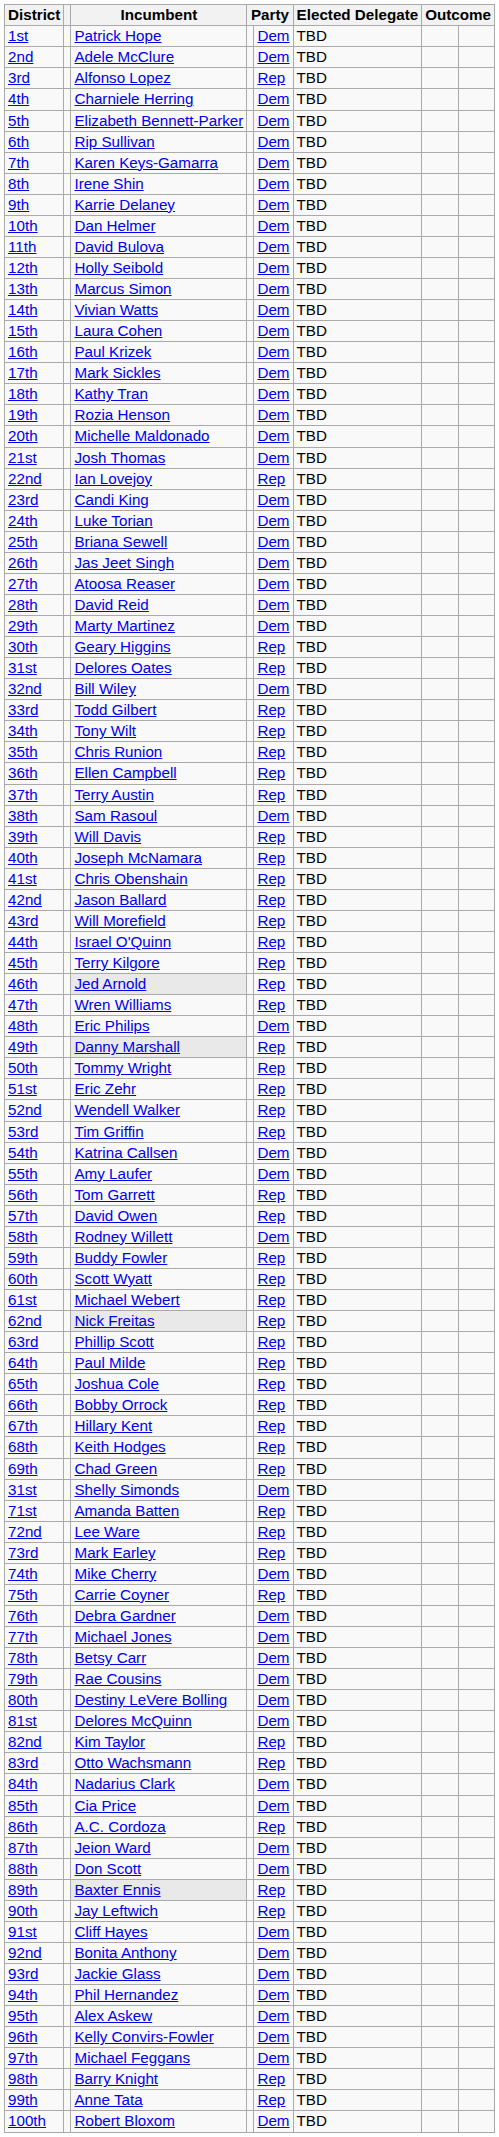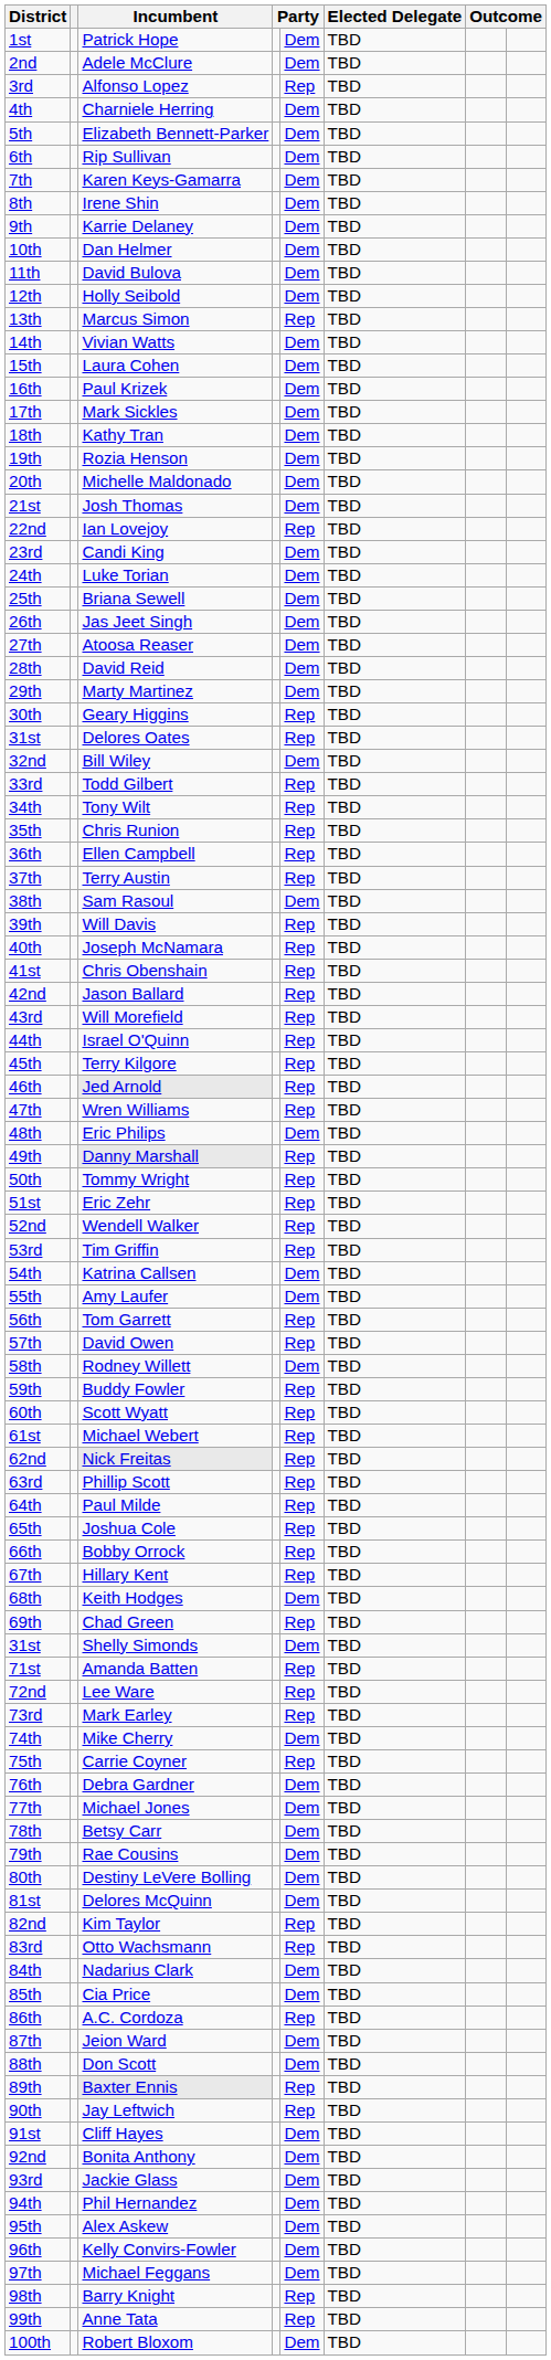 <table class="sortable wikitable" style="font-size:95%;line-height:14px;">
 <tr>
 <th>District</th>
 <th></th>
 <th>Incumbent</th>
 <th colspan="2">Party</th>
 <th>Elected Delegate</th>
 <th colspan="2">Outcome</th>
 </tr>
 <tr>
 <td><a href='#'>1st</a></td>
 <td></td>
 <td><a href='#'>Patrick Hope</a></td>
 <td style="background:"></td>
 <td><a href='#'>Dem</a></td>
 <td>TBD</td>
 <td></td>
 <td></td>
 </tr>
 <tr>
 <td><a href='#'>2nd</a></td>
 <td></td>
 <td><a href='#'>Adele McClure</a></td>
 <td style="background:"></td>
 <td><a href='#'>Dem</a></td>
 <td>TBD</td>
 <td></td>
 <td></td>
 </tr>
 <tr>
 <td><a href='#'>3rd</a></td>
 <td></td>
 <td><a href='#'>Alfonso Lopez</a></td>
 <td style="background:"></td>
 <td><a href='#'>Rep</a></td>
 <td>TBD</td>
 <td></td>
 <td></td>
 </tr>
 <tr>
 <td><a href='#'>4th</a></td>
 <td></td>
 <td><a href='#'>Charniele Herring</a></td>
 <td style="background:"></td>
 <td><a href='#'>Dem</a></td>
 <td>TBD</td>
 <td></td>
 <td></td>
 </tr>
 <tr>
 <td><a href='#'>5th</a></td>
 <td></td>
 <td><a href='#'>Elizabeth Bennett-Parker</a></td>
 <td style="background:"></td>
 <td><a href='#'>Dem</a></td>
 <td>TBD</td>
 <td></td>
 <td></td>
 </tr>
 <tr>
 <td><a href='#'>6th</a></td>
 <td></td>
 <td><a href='#'>Rip Sullivan</a></td>
 <td style="background:"></td>
 <td><a href='#'>Dem</a></td>
 <td>TBD</td>
 <td></td>
 <td></td>
 </tr>
 <tr>
 <td><a href='#'>7th</a></td>
 <td></td>
 <td><a href='#'>Karen Keys-Gamarra</a></td>
 <td style="background:"></td>
 <td><a href='#'>Dem</a></td>
 <td>TBD</td>
 <td></td>
 <td></td>
 </tr>
 <tr>
 <td><a href='#'>8th</a></td>
 <td></td>
 <td><a href='#'>Irene Shin</a></td>
 <td style="background:"></td>
 <td><a href='#'>Dem</a></td>
 <td>TBD</td>
 <td></td>
 <td></td>
 </tr>
 <tr>
 <td><a href='#'>9th</a></td>
 <td></td>
 <td><a href='#'>Karrie Delaney</a></td>
 <td style="background:"></td>
 <td><a href='#'>Dem</a></td>
 <td>TBD</td>
 <td></td>
 <td></td>
 </tr>
 <tr>
 <td><a href='#'>10th</a></td>
 <td></td>
 <td><a href='#'>Dan Helmer</a></td>
 <td style="background:"></td>
 <td><a href='#'>Dem</a></td>
 <td>TBD</td>
 <td></td>
 <td></td>
 </tr>
 <tr>
 <td><a href='#'>11th</a></td>
 <td></td>
 <td><a href='#'>David Bulova</a></td>
 <td style="background:"></td>
 <td><a href='#'>Dem</a></td>
 <td>TBD</td>
 <td></td>
 <td></td>
 </tr>
 <tr>
 <td><a href='#'>12th</a></td>
 <td></td>
 <td><a href='#'>Holly Seibold</a></td>
 <td style="background:"></td>
 <td><a href='#'>Dem</a></td>
 <td>TBD</td>
 <td></td>
 <td></td>
 </tr>
 <tr>
 <td><a href='#'>13th</a></td>
 <td></td>
 <td><a href='#'>Marcus Simon</a></td>
 <td style="background:"></td>
-<td><a href='#'>Dem</a></td>
+<td><a href='#'>Rep</a></td>
 <td>TBD</td>
 <td></td>
 <td></td>
 </tr>
 <tr>
 <td><a href='#'>14th</a></td>
 <td></td>
 <td><a href='#'>Vivian Watts</a></td>
 <td style="background:"></td>
 <td><a href='#'>Dem</a></td>
 <td>TBD</td>
 <td></td>
 <td></td>
 </tr>
 <tr>
 <td><a href='#'>15th</a></td>
 <td></td>
 <td><a href='#'>Laura Cohen</a></td>
 <td style="background:"></td>
 <td><a href='#'>Dem</a></td>
 <td>TBD</td>
 <td></td>
 <td></td>
 </tr>
 <tr>
 <td><a href='#'>16th</a></td>
 <td></td>
 <td><a href='#'>Paul Krizek</a></td>
 <td style="background:"></td>
 <td><a href='#'>Dem</a></td>
 <td>TBD</td>
 <td></td>
 <td></td>
 </tr>
 <tr>
 <td><a href='#'>17th</a></td>
 <td></td>
 <td><a href='#'>Mark Sickles</a></td>
 <td style="background:"></td>
 <td><a href='#'>Dem</a></td>
 <td>TBD</td>
 <td></td>
 <td></td>
 </tr>
 <tr>
 <td><a href='#'>18th</a></td>
 <td></td>
 <td><a href='#'>Kathy Tran</a></td>
 <td style="background:"></td>
 <td><a href='#'>Dem</a></td>
 <td>TBD</td>
 <td></td>
 <td></td>
 </tr>
 <tr>
 <td><a href='#'>19th</a></td>
 <td></td>
 <td><a href='#'>Rozia Henson</a></td>
 <td style="background:"></td>
 <td><a href='#'>Dem</a></td>
 <td>TBD</td>
 <td></td>
 <td></td>
 </tr>
 <tr>
 <td><a href='#'>20th</a></td>
 <td></td>
 <td><a href='#'>Michelle Maldonado</a></td>
 <td style="background:"></td>
 <td><a href='#'>Dem</a></td>
 <td>TBD</td>
 <td></td>
 <td></td>
 </tr>
 <tr>
 <td><a href='#'>21st</a></td>
 <td></td>
 <td><a href='#'>Josh Thomas</a></td>
 <td style="background:"></td>
 <td><a href='#'>Dem</a></td>
 <td>TBD</td>
 <td></td>
 <td></td>
 </tr>
 <tr>
 <td><a href='#'>22nd</a></td>
 <td></td>
 <td><a href='#'>Ian Lovejoy</a></td>
 <td style="background:"></td>
 <td><a href='#'>Rep</a></td>
 <td>TBD</td>
 <td></td>
 <td></td>
 </tr>
 <tr>
 <td><a href='#'>23rd</a></td>
 <td></td>
 <td><a href='#'>Candi King</a></td>
 <td style="background:"></td>
 <td><a href='#'>Dem</a></td>
 <td>TBD</td>
 <td></td>
 <td></td>
 </tr>
 <tr>
 <td><a href='#'>24th</a></td>
 <td></td>
 <td><a href='#'>Luke Torian</a></td>
 <td style="background:"></td>
 <td><a href='#'>Dem</a></td>
 <td>TBD</td>
 <td></td>
 <td></td>
 </tr>
 <tr>
 <td><a href='#'>25th</a></td>
 <td></td>
 <td><a href='#'>Briana Sewell</a></td>
 <td style="background:"></td>
 <td><a href='#'>Dem</a></td>
 <td>TBD</td>
 <td></td>
 <td></td>
 </tr>
 <tr>
 <td><a href='#'>26th</a></td>
 <td></td>
 <td><a href='#'>Jas Jeet Singh</a></td>
 <td style="background:"></td>
 <td><a href='#'>Dem</a></td>
 <td>TBD</td>
 <td></td>
 <td></td>
 </tr>
 <tr>
 <td><a href='#'>27th</a></td>
 <td></td>
 <td><a href='#'>Atoosa Reaser</a></td>
 <td style="background:"></td>
 <td><a href='#'>Dem</a></td>
 <td>TBD</td>
 <td></td>
 <td></td>
 </tr>
 <tr>
 <td><a href='#'>28th</a></td>
 <td></td>
 <td><a href='#'>David Reid</a></td>
 <td style="background:"></td>
 <td><a href='#'>Dem</a></td>
 <td>TBD</td>
 <td></td>
 <td></td>
 </tr>
 <tr>
 <td><a href='#'>29th</a></td>
 <td></td>
 <td><a href='#'>Marty Martinez</a></td>
 <td style="background:"></td>
 <td><a href='#'>Dem</a></td>
 <td>TBD</td>
 <td></td>
 <td></td>
 </tr>
 <tr>
 <td><a href='#'>30th</a></td>
 <td></td>
 <td><a href='#'>Geary Higgins</a></td>
 <td style="background:"></td>
 <td><a href='#'>Rep</a></td>
 <td>TBD</td>
 <td></td>
 <td></td>
 </tr>
 <tr>
 <td><a href='#'>31st</a></td>
 <td></td>
 <td><a href='#'>Delores Oates</a></td>
 <td style="background:"></td>
 <td><a href='#'>Rep</a></td>
 <td>TBD</td>
 <td></td>
 <td></td>
 </tr>
 <tr>
 <td><a href='#'>32nd</a></td>
 <td></td>
 <td><a href='#'>Bill Wiley</a></td>
 <td style="background:"></td>
 <td><a href='#'>Dem</a></td>
 <td>TBD</td>
 <td></td>
 <td></td>
 </tr>
 <tr>
 <td><a href='#'>33rd</a></td>
 <td></td>
 <td><a href='#'>Todd Gilbert</a></td>
 <td style="background:"></td>
 <td><a href='#'>Rep</a></td>
 <td>TBD</td>
 <td></td>
 <td></td>
 </tr>
 <tr>
 <td><a href='#'>34th</a></td>
 <td></td>
 <td><a href='#'>Tony Wilt</a></td>
 <td style="background:"></td>
 <td><a href='#'>Rep</a></td>
 <td>TBD</td>
 <td></td>
 <td></td>
 </tr>
 <tr>
 <td><a href='#'>35th</a></td>
 <td></td>
 <td><a href='#'>Chris Runion</a></td>
 <td style="background:"></td>
 <td><a href='#'>Rep</a></td>
 <td>TBD</td>
 <td></td>
 <td></td>
 </tr>
 <tr>
 <td><a href='#'>36th</a></td>
 <td></td>
 <td><a href='#'>Ellen Campbell</a></td>
 <td style="background:"></td>
 <td><a href='#'>Rep</a></td>
 <td>TBD</td>
 <td></td>
 <td></td>
 </tr>
 <tr>
 <td><a href='#'>37th</a></td>
 <td></td>
 <td><a href='#'>Terry Austin</a></td>
 <td style="background:"></td>
 <td><a href='#'>Rep</a></td>
 <td>TBD</td>
 <td></td>
 <td></td>
 </tr>
 <tr>
 <td><a href='#'>38th</a></td>
 <td></td>
 <td><a href='#'>Sam Rasoul</a></td>
 <td style="background:"></td>
 <td><a href='#'>Dem</a></td>
 <td>TBD</td>
 <td></td>
 <td></td>
 </tr>
 <tr>
 <td><a href='#'>39th</a></td>
 <td></td>
 <td><a href='#'>Will Davis</a></td>
 <td style="background:"></td>
 <td><a href='#'>Rep</a></td>
 <td>TBD</td>
 <td></td>
 <td></td>
 </tr>
 <tr>
 <td><a href='#'>40th</a></td>
 <td></td>
 <td><a href='#'>Joseph McNamara</a></td>
 <td style="background:"></td>
 <td><a href='#'>Rep</a></td>
 <td>TBD</td>
 <td></td>
 <td></td>
 </tr>
 <tr>
 <td><a href='#'>41st</a></td>
 <td></td>
 <td><a href='#'>Chris Obenshain</a></td>
 <td style="background:"></td>
 <td><a href='#'>Rep</a></td>
 <td>TBD</td>
 <td></td>
 <td></td>
 </tr>
 <tr>
 <td><a href='#'>42nd</a></td>
 <td></td>
 <td><a href='#'>Jason Ballard</a></td>
 <td style="background:"></td>
 <td><a href='#'>Rep</a></td>
 <td>TBD</td>
 <td></td>
 <td></td>
 </tr>
 <tr>
 <td><a href='#'>43rd</a></td>
 <td></td>
 <td><a href='#'>Will Morefield</a></td>
 <td style="background:"></td>
 <td><a href='#'>Rep</a></td>
 <td>TBD</td>
 <td></td>
 <td></td>
 </tr>
 <tr>
 <td><a href='#'>44th</a></td>
 <td></td>
 <td><a href='#'>Israel O'Quinn</a></td>
 <td style="background:"></td>
 <td><a href='#'>Rep</a></td>
 <td>TBD</td>
 <td></td>
 <td></td>
 </tr>
 <tr>
 <td><a href='#'>45th</a></td>
 <td></td>
 <td><a href='#'>Terry Kilgore</a></td>
 <td style="background:"></td>
 <td><a href='#'>Rep</a></td>
 <td>TBD</td>
 <td></td>
 <td></td>
 </tr>
 <tr>
 <td><a href='#'>46th</a></td>
 <td></td>
 <td style="background:#E9E9E9;"><a href='#'>Jed Arnold</a></td>
 <td style="background:"></td>
 <td><a href='#'>Rep</a></td>
 <td>TBD</td>
 <td></td>
 <td></td>
 </tr>
 <tr>
 <td><a href='#'>47th</a></td>
 <td></td>
 <td><a href='#'>Wren Williams</a></td>
 <td style="background:"></td>
 <td><a href='#'>Rep</a></td>
 <td>TBD</td>
 <td></td>
 <td></td>
 </tr>
 <tr>
 <td><a href='#'>48th</a></td>
 <td></td>
 <td><a href='#'>Eric Philips</a></td>
 <td style="background:"></td>
 <td><a href='#'>Dem</a></td>
 <td>TBD</td>
 <td></td>
 <td></td>
 </tr>
 <tr>
 <td><a href='#'>49th</a></td>
 <td></td>
 <td style="background:#E9E9E9;"><a href='#'>Danny Marshall</a></td>
 <td style="background:"></td>
 <td><a href='#'>Rep</a></td>
 <td>TBD</td>
 <td></td>
 <td></td>
 </tr>
 <tr>
 <td><a href='#'>50th</a></td>
 <td></td>
 <td><a href='#'>Tommy Wright</a></td>
 <td style="background:"></td>
 <td><a href='#'>Rep</a></td>
 <td>TBD</td>
 <td></td>
 <td></td>
 </tr>
 <tr>
 <td><a href='#'>51st</a></td>
 <td></td>
 <td><a href='#'>Eric Zehr</a></td>
 <td style="background:"></td>
 <td><a href='#'>Rep</a></td>
 <td>TBD</td>
 <td></td>
 <td></td>
 </tr>
 <tr>
 <td><a href='#'>52nd</a></td>
 <td></td>
 <td><a href='#'>Wendell Walker</a></td>
 <td style="background:"></td>
 <td><a href='#'>Rep</a></td>
 <td>TBD</td>
 <td></td>
 <td></td>
 </tr>
 <tr>
 <td><a href='#'>53rd</a></td>
 <td></td>
 <td><a href='#'>Tim Griffin</a></td>
 <td style="background:"></td>
 <td><a href='#'>Rep</a></td>
 <td>TBD</td>
 <td></td>
 <td></td>
 </tr>
 <tr>
 <td><a href='#'>54th</a></td>
 <td></td>
 <td><a href='#'>Katrina Callsen</a></td>
 <td style="background:"></td>
 <td><a href='#'>Dem</a></td>
 <td>TBD</td>
 <td></td>
 <td></td>
 </tr>
 <tr>
 <td><a href='#'>55th</a></td>
 <td></td>
 <td><a href='#'>Amy Laufer</a></td>
 <td style="background:"></td>
 <td><a href='#'>Dem</a></td>
 <td>TBD</td>
 <td></td>
 <td></td>
 </tr>
 <tr>
 <td><a href='#'>56th</a></td>
 <td></td>
 <td><a href='#'>Tom Garrett</a></td>
 <td style="background:"></td>
 <td><a href='#'>Rep</a></td>
 <td>TBD</td>
 <td></td>
 <td></td>
 </tr>
 <tr>
 <td><a href='#'>57th</a></td>
 <td></td>
 <td><a href='#'>David Owen</a></td>
 <td style="background:"></td>
 <td><a href='#'>Rep</a></td>
 <td>TBD</td>
 <td></td>
 <td></td>
 </tr>
 <tr>
 <td><a href='#'>58th</a></td>
 <td></td>
 <td><a href='#'>Rodney Willett</a></td>
 <td style="background:"></td>
 <td><a href='#'>Dem</a></td>
 <td>TBD</td>
 <td></td>
 <td></td>
 </tr>
 <tr>
 <td><a href='#'>59th</a></td>
 <td></td>
 <td><a href='#'>Buddy Fowler</a></td>
 <td style="background:"></td>
 <td><a href='#'>Rep</a></td>
 <td>TBD</td>
 <td></td>
 <td></td>
 </tr>
 <tr>
 <td><a href='#'>60th</a></td>
 <td></td>
 <td><a href='#'>Scott Wyatt</a></td>
 <td style="background:"></td>
 <td><a href='#'>Rep</a></td>
 <td>TBD</td>
 <td></td>
 <td></td>
 </tr>
 <tr>
 <td><a href='#'>61st</a></td>
 <td></td>
 <td><a href='#'>Michael Webert</a></td>
 <td style="background:"></td>
 <td><a href='#'>Rep</a></td>
 <td>TBD</td>
 <td></td>
 <td></td>
 </tr>
 <tr>
 <td><a href='#'>62nd</a></td>
 <td></td>
 <td style="background:#E9E9E9;"><a href='#'>Nick Freitas</a></td>
 <td style="background:"></td>
 <td><a href='#'>Rep</a></td>
 <td>TBD</td>
 <td></td>
 <td></td>
 </tr>
 <tr>
 <td><a href='#'>63rd</a></td>
 <td></td>
 <td><a href='#'>Phillip Scott</a></td>
 <td style="background:"></td>
 <td><a href='#'>Rep</a></td>
 <td>TBD</td>
 <td></td>
 <td></td>
 </tr>
 <tr>
 <td><a href='#'>64th</a></td>
 <td></td>
 <td><a href='#'>Paul Milde</a></td>
 <td style="background:"></td>
 <td><a href='#'>Rep</a></td>
 <td>TBD</td>
 <td></td>
 <td></td>
 </tr>
 <tr>
 <td><a href='#'>65th</a></td>
 <td></td>
 <td><a href='#'>Joshua Cole</a></td>
 <td style="background:"></td>
 <td><a href='#'>Rep</a></td>
 <td>TBD</td>
 <td></td>
 <td></td>
 </tr>
 <tr>
 <td><a href='#'>66th</a></td>
 <td></td>
 <td><a href='#'>Bobby Orrock</a></td>
 <td style="background:"></td>
 <td><a href='#'>Rep</a></td>
 <td>TBD</td>
 <td></td>
 <td></td>
 </tr>
 <tr>
 <td><a href='#'>67th</a></td>
 <td></td>
 <td><a href='#'>Hillary Kent</a></td>
 <td style="background:"></td>
 <td><a href='#'>Rep</a></td>
 <td>TBD</td>
 <td></td>
 <td></td>
 </tr>
 <tr>
 <td><a href='#'>68th</a></td>
 <td></td>
 <td><a href='#'>Keith Hodges</a></td>
 <td style="background:"></td>
-<td><a href='#'>Rep</a></td>
+<td><a href='#'>Dem</a></td>
 <td>TBD</td>
 <td></td>
 <td></td>
 </tr>
 <tr>
 <td><a href='#'>69th</a></td>
 <td></td>
 <td><a href='#'>Chad Green</a></td>
 <td style="background:"></td>
 <td><a href='#'>Rep</a></td>
 <td>TBD</td>
 <td></td>
 <td></td>
 </tr>
 <tr>
 <td><a href='#'>31st</a></td>
 <td></td>
 <td><a href='#'>Shelly Simonds</a></td>
 <td style="background:"></td>
 <td><a href='#'>Dem</a></td>
 <td>TBD</td>
 <td></td>
 <td></td>
 </tr>
 <tr>
 <td><a href='#'>71st</a></td>
 <td></td>
 <td><a href='#'>Amanda Batten</a></td>
 <td style="background:"></td>
 <td><a href='#'>Rep</a></td>
 <td>TBD</td>
 <td></td>
 <td></td>
 </tr>
 <tr>
 <td><a href='#'>72nd</a></td>
 <td></td>
 <td><a href='#'>Lee Ware</a></td>
 <td style="background:"></td>
 <td><a href='#'>Rep</a></td>
 <td>TBD</td>
 <td></td>
 <td></td>
 </tr>
 <tr>
 <td><a href='#'>73rd</a></td>
 <td></td>
 <td><a href='#'>Mark Earley</a></td>
 <td style="background:"></td>
 <td><a href='#'>Rep</a></td>
 <td>TBD</td>
 <td></td>
 <td></td>
 </tr>
 <tr>
 <td><a href='#'>74th</a></td>
 <td></td>
 <td><a href='#'>Mike Cherry</a></td>
 <td style="background:"></td>
 <td><a href='#'>Dem</a></td>
 <td>TBD</td>
 <td></td>
 <td></td>
 </tr>
 <tr>
 <td><a href='#'>75th</a></td>
 <td></td>
 <td><a href='#'>Carrie Coyner</a></td>
 <td style="background:"></td>
 <td><a href='#'>Rep</a></td>
 <td>TBD</td>
 <td></td>
 <td></td>
 </tr>
 <tr>
 <td><a href='#'>76th</a></td>
 <td></td>
 <td><a href='#'>Debra Gardner</a></td>
 <td style="background:"></td>
 <td><a href='#'>Dem</a></td>
 <td>TBD</td>
 <td></td>
 <td></td>
 </tr>
 <tr>
 <td><a href='#'>77th</a></td>
 <td></td>
 <td><a href='#'>Michael Jones</a></td>
 <td style="background:"></td>
 <td><a href='#'>Dem</a></td>
 <td>TBD</td>
 <td></td>
 <td></td>
 </tr>
 <tr>
 <td><a href='#'>78th</a></td>
 <td></td>
 <td><a href='#'>Betsy Carr</a></td>
 <td style="background:"></td>
 <td><a href='#'>Dem</a></td>
 <td>TBD</td>
 <td></td>
 <td></td>
 </tr>
 <tr>
 <td><a href='#'>79th</a></td>
 <td></td>
 <td><a href='#'>Rae Cousins</a></td>
 <td style="background:"></td>
 <td><a href='#'>Dem</a></td>
 <td>TBD</td>
 <td></td>
 <td></td>
 </tr>
 <tr>
 <td><a href='#'>80th</a></td>
 <td></td>
 <td><a href='#'>Destiny LeVere Bolling</a></td>
 <td style="background:"></td>
 <td><a href='#'>Dem</a></td>
 <td>TBD</td>
 <td></td>
 <td></td>
 </tr>
 <tr>
 <td><a href='#'>81st</a></td>
 <td></td>
 <td><a href='#'>Delores McQuinn</a></td>
 <td style="background:"></td>
 <td><a href='#'>Dem</a></td>
 <td>TBD</td>
 <td></td>
 <td></td>
 </tr>
 <tr>
 <td><a href='#'>82nd</a></td>
 <td></td>
 <td><a href='#'>Kim Taylor</a></td>
 <td style="background:"></td>
 <td><a href='#'>Rep</a></td>
 <td>TBD</td>
 <td></td>
 <td></td>
 </tr>
 <tr>
 <td><a href='#'>83rd</a></td>
 <td></td>
 <td><a href='#'>Otto Wachsmann</a></td>
 <td style="background:"></td>
 <td><a href='#'>Rep</a></td>
 <td>TBD</td>
 <td></td>
 <td></td>
 </tr>
 <tr>
 <td><a href='#'>84th</a></td>
 <td></td>
 <td><a href='#'>Nadarius Clark</a></td>
 <td style="background:"></td>
 <td><a href='#'>Dem</a></td>
 <td>TBD</td>
 <td></td>
 <td></td>
 </tr>
 <tr>
 <td><a href='#'>85th</a></td>
 <td></td>
 <td><a href='#'>Cia Price</a></td>
 <td style="background:"></td>
 <td><a href='#'>Dem</a></td>
 <td>TBD</td>
 <td></td>
 <td></td>
 </tr>
 <tr>
 <td><a href='#'>86th</a></td>
 <td></td>
 <td><a href='#'>A.C. Cordoza</a></td>
 <td style="background:"></td>
 <td><a href='#'>Rep</a></td>
 <td>TBD</td>
 <td></td>
 <td></td>
 </tr>
 <tr>
 <td><a href='#'>87th</a></td>
 <td></td>
 <td><a href='#'>Jeion Ward</a></td>
 <td style="background:"></td>
 <td><a href='#'>Dem</a></td>
 <td>TBD</td>
 <td></td>
 <td></td>
 </tr>
 <tr>
 <td><a href='#'>88th</a></td>
 <td></td>
 <td><a href='#'>Don Scott</a></td>
 <td style="background:"></td>
 <td><a href='#'>Dem</a></td>
 <td>TBD</td>
 <td></td>
 <td></td>
 </tr>
 <tr>
 <td><a href='#'>89th</a></td>
 <td></td>
 <td style="background:#E9E9E9;"><a href='#'>Baxter Ennis</a></td>
 <td style="background:"></td>
 <td><a href='#'>Rep</a></td>
 <td>TBD</td>
 <td></td>
 <td></td>
 </tr>
 <tr>
 <td><a href='#'>90th</a></td>
 <td></td>
 <td><a href='#'>Jay Leftwich</a></td>
 <td style="background:"></td>
 <td><a href='#'>Rep</a></td>
 <td>TBD</td>
 <td></td>
 <td></td>
 </tr>
 <tr>
 <td><a href='#'>91st</a></td>
 <td></td>
 <td><a href='#'>Cliff Hayes</a></td>
 <td style="background:"></td>
 <td><a href='#'>Dem</a></td>
 <td>TBD</td>
 <td></td>
 <td></td>
 </tr>
 <tr>
 <td><a href='#'>92nd</a></td>
 <td></td>
 <td><a href='#'>Bonita Anthony</a></td>
 <td style="background:"></td>
 <td><a href='#'>Dem</a></td>
 <td>TBD</td>
 <td></td>
 <td></td>
 </tr>
 <tr>
 <td><a href='#'>93rd</a></td>
 <td></td>
 <td><a href='#'>Jackie Glass</a></td>
 <td style="background:"></td>
 <td><a href='#'>Dem</a></td>
 <td>TBD</td>
 <td></td>
 <td></td>
 </tr>
 <tr>
 <td><a href='#'>94th</a></td>
 <td></td>
 <td><a href='#'>Phil Hernandez</a></td>
 <td style="background:"></td>
 <td><a href='#'>Dem</a></td>
 <td>TBD</td>
 <td></td>
 <td></td>
 </tr>
 <tr>
 <td><a href='#'>95th</a></td>
 <td></td>
 <td><a href='#'>Alex Askew</a></td>
 <td style="background:"></td>
 <td><a href='#'>Dem</a></td>
 <td>TBD</td>
 <td></td>
 <td></td>
 </tr>
 <tr>
 <td><a href='#'>96th</a></td>
 <td></td>
 <td><a href='#'>Kelly Convirs-Fowler</a></td>
 <td style="background:"></td>
 <td><a href='#'>Dem</a></td>
 <td>TBD</td>
 <td></td>
 <td></td>
 </tr>
 <tr>
 <td><a href='#'>97th</a></td>
 <td></td>
 <td><a href='#'>Michael Feggans</a></td>
 <td style="background:"></td>
 <td><a href='#'>Dem</a></td>
 <td>TBD</td>
 <td></td>
 <td></td>
 </tr>
 <tr>
 <td><a href='#'>98th</a></td>
 <td></td>
 <td><a href='#'>Barry Knight</a></td>
 <td style="background:"></td>
 <td><a href='#'>Rep</a></td>
 <td>TBD</td>
 <td></td>
 <td></td>
 </tr>
 <tr>
 <td><a href='#'>99th</a></td>
 <td></td>
 <td><a href='#'>Anne Tata</a></td>
 <td style="background:"></td>
 <td><a href='#'>Rep</a></td>
 <td>TBD</td>
 <td></td>
 <td></td>
 </tr>
 <tr>
 <td><a href='#'>100th</a></td>
 <td></td>
 <td><a href='#'>Robert Bloxom</a></td>
 <td style="background:"></td>
 <td><a href='#'>Dem</a></td>
 <td>TBD</td>
 <td></td>
 <td></td>
 </tr>
 <tr>
 </tr>
 </table>
